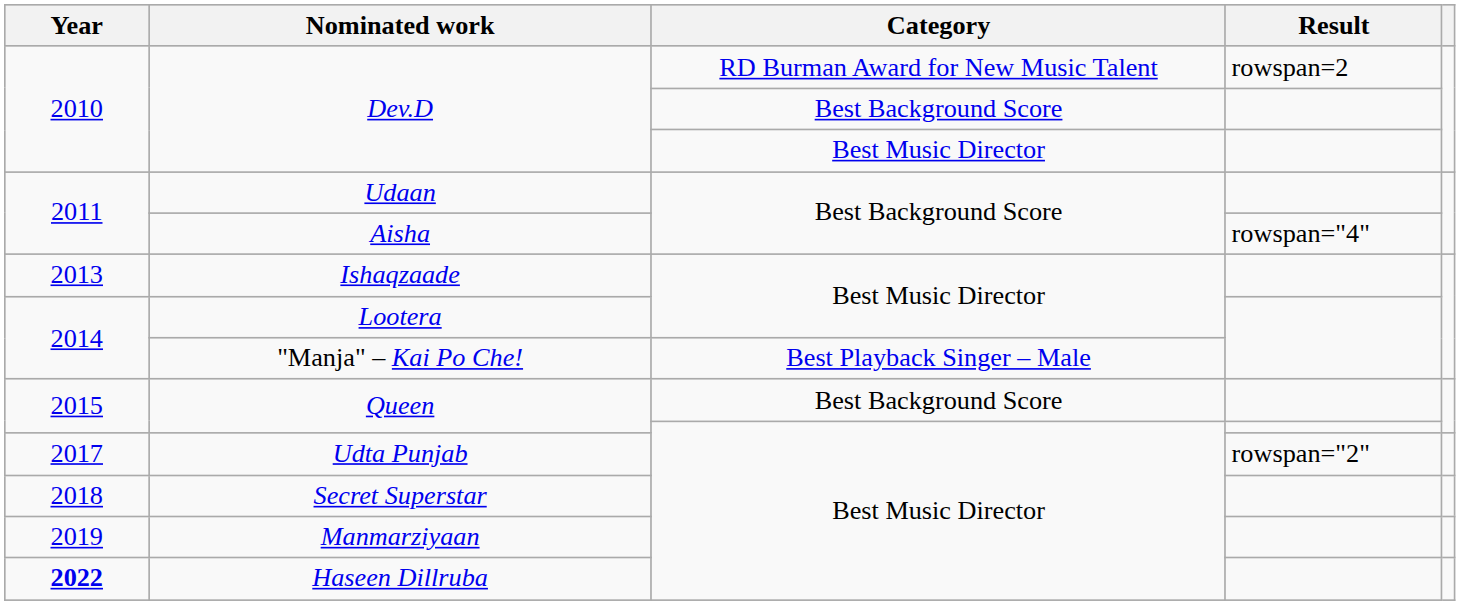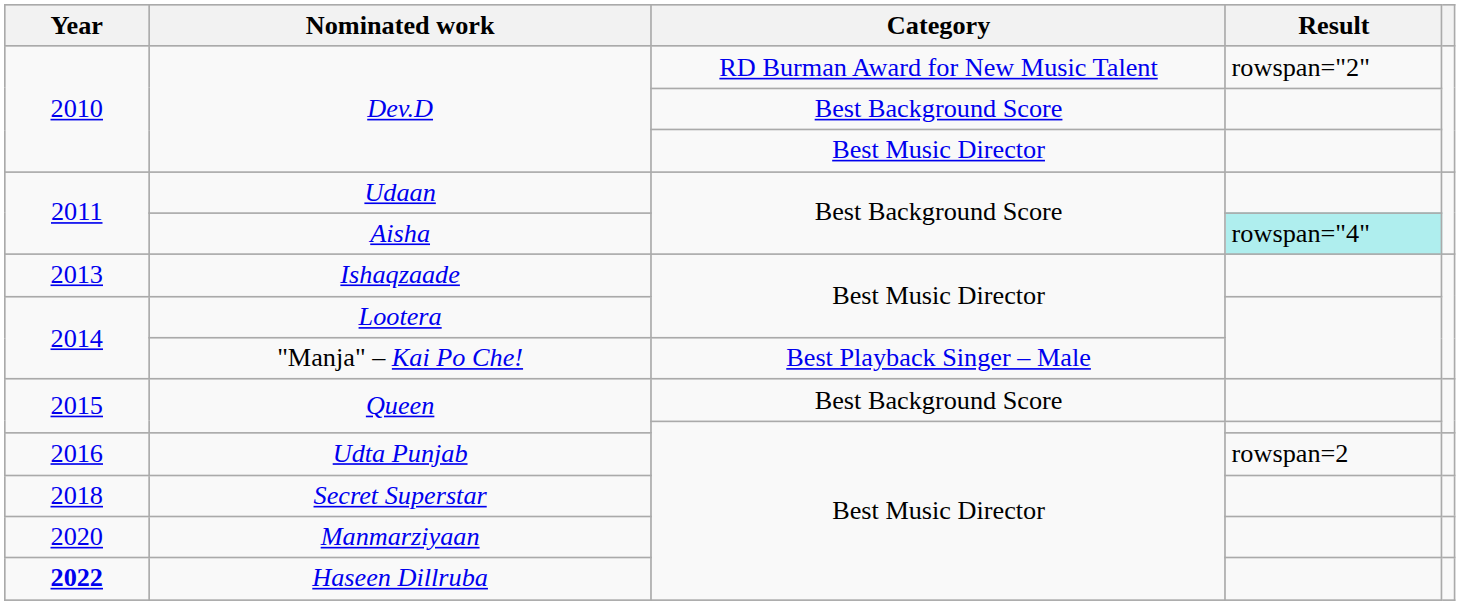 <table width="70%" class="wikitable plainrowheaders sortable">
 <tr>
 <th width="10%">Year</th>
 <th width="35%">Nominated work</th>
 <th width="40%">Category</th>
 <th width="15%">Result</th>
 <th scope="col" class="unsortable"></th>
 </tr>
 <tr>
 <td align="center" rowspan="3"><a href='#'>2010</a></td>
 <td align="center" rowspan="3"><em><a href='#'>Dev.D</a></em></td>
 <td align="center"><a href='#'>RD Burman Award for New Music Talent</a></td>
-<td>rowspan=2 </td>
+<td>rowspan="2" </td>
 <td style="text-align:center;" rowspan="3"></td>
 </tr>
 <tr>
 <td align="center"><a href='#'>Best Background Score</a></td>
 </tr>
 <tr>
 <td align="center"><a href='#'>Best Music Director</a></td>
 <td></td>
 </tr>
 <tr>
 <td align="center" rowspan="2"><a href='#'>2011</a></td>
 <td align="center"><em><a href='#'>Udaan</a></em></td>
 <td align="center" rowspan="2">Best Background Score</td>
 <td></td>
 <td style="text-align:center;" rowspan=2></td>
 </tr>
 <tr>
 <td align="center"><em><a href='#'>Aisha</a></em></td>
-<td>rowspan="4" </td>
+<td style="background: paleturquoise;">rowspan="4" </td>
 </tr>
 <tr>
 <td align="center"><a href='#'>2013</a></td>
 <td align="center"><em><a href='#'>Ishaqzaade</a></em></td>
 <td align="center" rowspan="2">Best Music Director</td>
 <td style="text-align:center;"></td>
 </tr>
 <tr>
 <td align="center" rowspan=2><a href='#'>2014</a></td>
 <td align="center"><em><a href='#'>Lootera</a></em></td>
 <td style="text-align:center;" rowspan=2></td>
 </tr>
 <tr>
 <td align="center">"Manja" – <em><a href='#'>Kai Po Che!</a></em></td>
 <td align="center"><a href='#'>Best Playback Singer – Male</a></td>
 </tr>
 <tr>
 <td align="center" rowspan="2"><a href='#'>2015</a></td>
 <td align="center" rowspan="2"><em><a href='#'>Queen</a></em></td>
 <td align="center">Best Background Score</td>
 <td></td>
 <td style="text-align:center;" rowspan="2"></td>
 </tr>
 <tr>
 <td align="center" rowspan="5">Best Music Director</td>
 <td></td>
 </tr>
 <tr>
-<td align="center"><a href='#'>2017</a></td>
+<td align="center"><a href='#'>2016</a></td>
 <td align="center"><em><a href='#'>Udta Punjab</a></em></td>
-<td>rowspan="2" </td>
+<td>rowspan=2 </td>
 <td style="text-align:center;"></td>
 </tr>
 <tr>
 <td align="center"><a href='#'>2018</a></td>
 <td align="center"><em><a href='#'>Secret Superstar</a></em></td>
 <td style="text-align:center;"></td>
 </tr>
 <tr>
-<td align="center"><a href='#'>2019</a></td>
+<td align="center"><a href='#'>2020</a></td>
 <td align="center"><em><a href='#'>Manmarziyaan</a></em></td>
 <td></td>
 <td style="text-align:center;"></td>
 </tr>
 <tr>
 <td align="center"><strong><a href='#'>2022</a></strong></td>
 <td align="center"><em><a href='#'>Haseen Dillruba</a></em></td>
 <td></td>
 </tr>
 </table>
